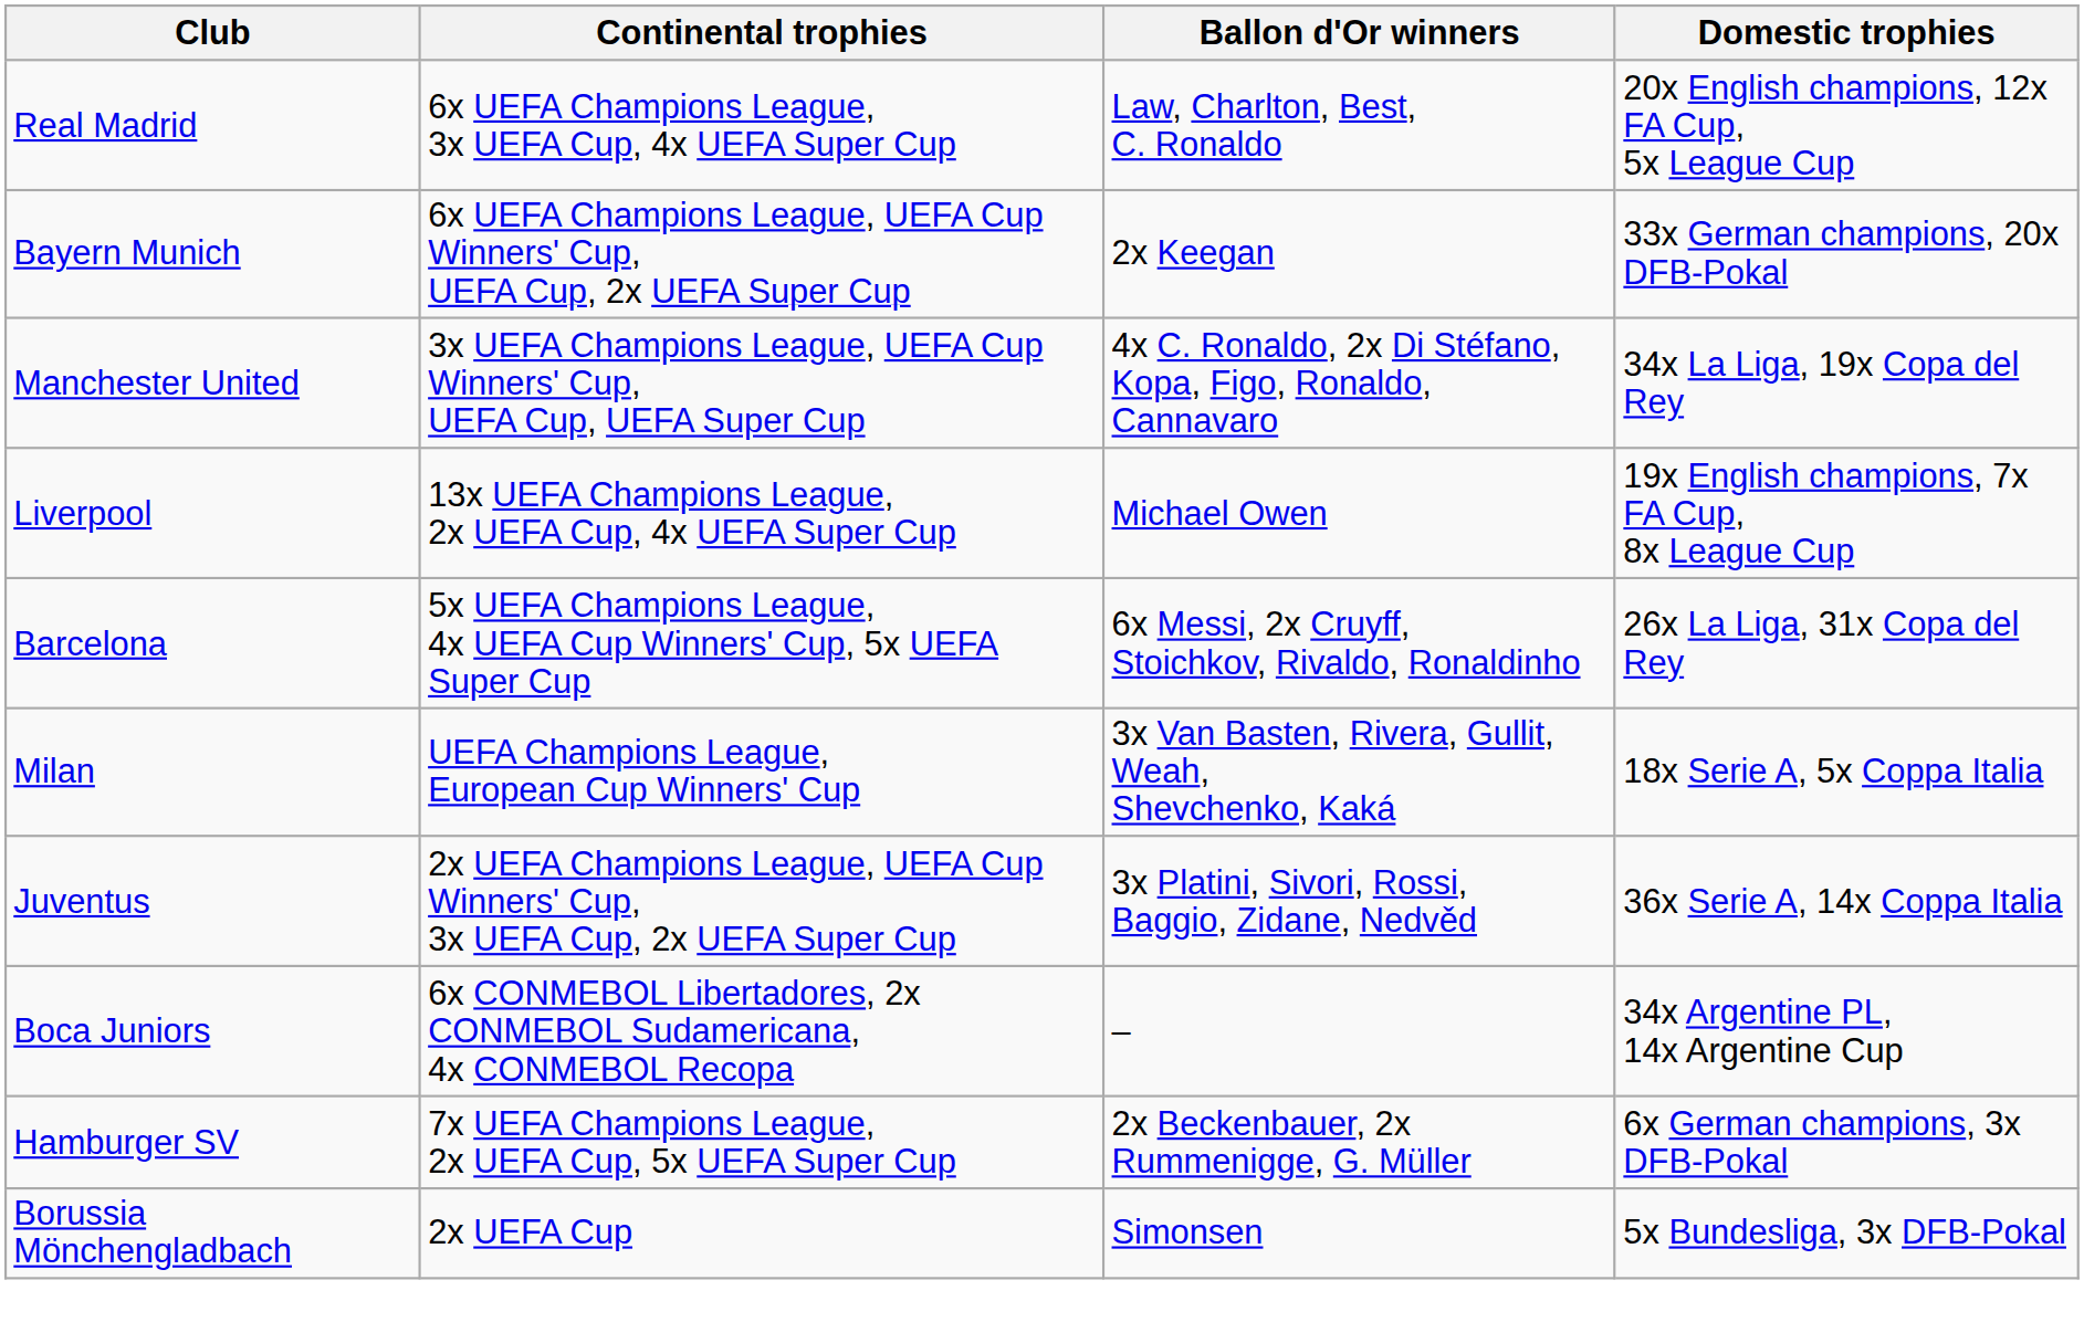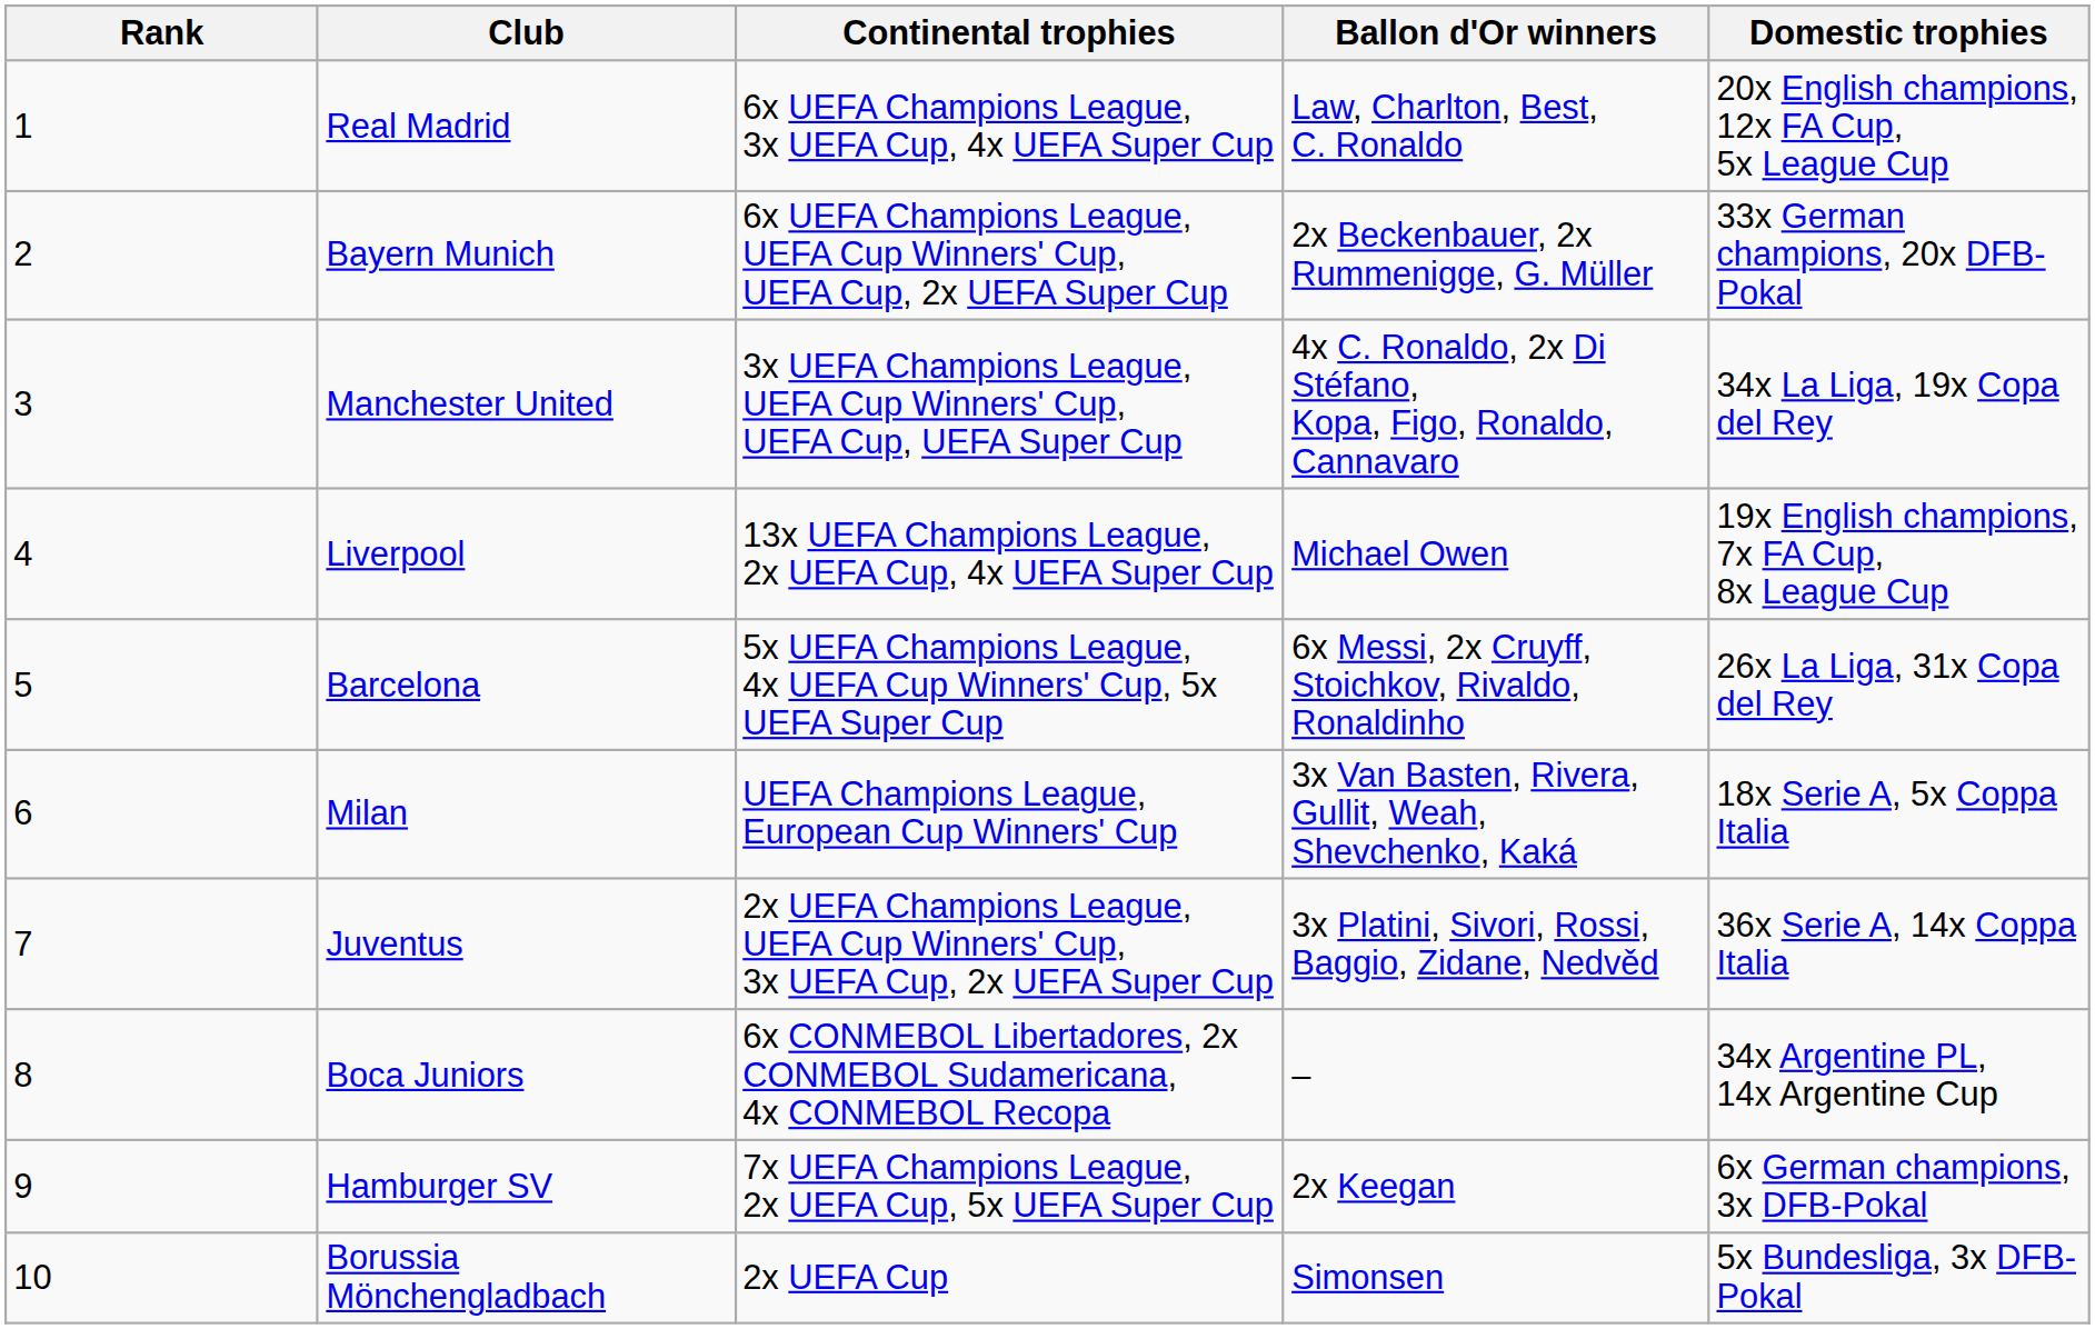 <table class="wikitable sortable" style="font-size:90%; margin:0 .5em .5em 0; margin-top:.5em; margin-bottom:.5em; border:1px solid #CCC; border-collapse:collapse; text-align:left;">
 <tr>
+<th width=15%>Rank</th>
 <th width=20%>Club</th>
 <th>Continental trophies</th>
 <th>Ballon d'Or winners</th>
 <th>Domestic trophies</th>
 </tr>
 <tr>
+<td>1</td>
 <td> <a href='#'>Real Madrid</a></td>
 <td>6x <a href='#'>UEFA Champions League</a>, <br>3x <a href='#'>UEFA Cup</a>, 4x <a href='#'>UEFA Super Cup</a></td>
 <td><a href='#'>Law</a>, <a href='#'>Charlton</a>, <a href='#'>Best</a>, <br><a href='#'>C. Ronaldo</a></td>
 <td>20x <a href='#'>English champions</a>, 12x <a href='#'>FA Cup</a>, <br>5x <a href='#'>League Cup</a></td>
 </tr>
 <tr>
+<td>2</td>
 <td> <a href='#'>Bayern Munich</a></td>
 <td>6x <a href='#'>UEFA Champions League</a>, <a href='#'>UEFA Cup Winners' Cup</a>, <br><a href='#'>UEFA Cup</a>, 2x <a href='#'>UEFA Super Cup</a></td>
-<td>2x <a href='#'>Keegan</a></td>
+<td>2x <a href='#'>Beckenbauer</a>, 2x <a href='#'>Rummenigge</a>, <a href='#'>G. Müller</a></td>
 <td>33x <a href='#'>German champions</a>, 20x <a href='#'>DFB-Pokal</a></td>
 </tr>
 <tr>
+<td>3</td>
 <td> <a href='#'>Manchester United</a></td>
 <td>3x <a href='#'>UEFA Champions League</a>, <a href='#'>UEFA Cup Winners' Cup</a>, <br><a href='#'>UEFA Cup</a>, <a href='#'>UEFA Super Cup</a></td>
 <td>4x <a href='#'>C. Ronaldo</a>, 2x <a href='#'>Di Stéfano</a>, <br><a href='#'>Kopa</a>, <a href='#'>Figo</a>, <a href='#'>Ronaldo</a>, <a href='#'>Cannavaro</a></td>
 <td>34x <a href='#'>La Liga</a>, 19x <a href='#'>Copa del Rey</a></td>
 </tr>
 <tr>
+<td>4</td>
 <td> <a href='#'>Liverpool</a></td>
 <td>13x <a href='#'>UEFA Champions League</a>, <br>2x <a href='#'>UEFA Cup</a>, 4x <a href='#'>UEFA Super Cup</a></td>
 <td><a href='#'>Michael Owen</a></td>
 <td>19x <a href='#'>English champions</a>, 7x <a href='#'>FA Cup</a>, <br>8x <a href='#'>League Cup</a></td>
 </tr>
 <tr>
+<td>5</td>
 <td> <a href='#'>Barcelona</a></td>
 <td>5x <a href='#'>UEFA Champions League</a>, <br>4x <a href='#'>UEFA Cup Winners' Cup</a>, 5x <a href='#'>UEFA Super Cup</a></td>
 <td>6x <a href='#'>Messi</a>, 2x <a href='#'>Cruyff</a>, <br><a href='#'>Stoichkov</a>, <a href='#'>Rivaldo</a>, <a href='#'>Ronaldinho</a></td>
 <td>26x <a href='#'>La Liga</a>, 31x <a href='#'>Copa del Rey</a></td>
 </tr>
 <tr>
+<td>6</td>
 <td> <a href='#'>Milan</a></td>
 <td><a href='#'>UEFA Champions League</a>, <br><a href='#'>European Cup Winners' Cup</a></td>
 <td>3x <a href='#'>Van Basten</a>, <a href='#'>Rivera</a>, <a href='#'>Gullit</a>, <a href='#'>Weah</a>, <br><a href='#'>Shevchenko</a>, <a href='#'>Kaká</a></td>
 <td>18x <a href='#'>Serie A</a>, 5x <a href='#'>Coppa Italia</a></td>
 </tr>
 <tr>
+<td>7</td>
 <td> <a href='#'>Juventus</a></td>
 <td>2x <a href='#'>UEFA Champions League</a>, <a href='#'>UEFA Cup Winners' Cup</a>, <br>3x <a href='#'>UEFA Cup</a>, 2x <a href='#'>UEFA Super Cup</a></td>
 <td>3x <a href='#'>Platini</a>, <a href='#'>Sivori</a>, <a href='#'>Rossi</a>, <br><a href='#'>Baggio</a>, <a href='#'>Zidane</a>, <a href='#'>Nedvěd</a></td>
 <td>36x <a href='#'>Serie A</a>, 14x <a href='#'>Coppa Italia</a></td>
 </tr>
 <tr>
+<td>8</td>
 <td> <a href='#'>Boca Juniors</a></td>
 <td>6x <a href='#'>CONMEBOL Libertadores</a>, 2x <a href='#'>CONMEBOL Sudamericana</a>, <br> 4x <a href='#'>CONMEBOL Recopa</a></td>
 <td>–</td>
 <td>34x <a href='#'>Argentine PL</a>, <br> 14x Argentine Cup</td>
 </tr>
 <tr>
+<td>9</td>
 <td> <a href='#'>Hamburger SV</a></td>
 <td>7x <a href='#'>UEFA Champions League</a>, <br>2x <a href='#'>UEFA Cup</a>, 5x <a href='#'>UEFA Super Cup</a></td>
-<td>2x <a href='#'>Beckenbauer</a>, 2x <a href='#'>Rummenigge</a>, <a href='#'>G. Müller</a></td>
+<td>2x <a href='#'>Keegan</a></td>
 <td>6x <a href='#'>German champions</a>, 3x <a href='#'>DFB-Pokal</a></td>
 </tr>
 <tr>
+<td>10</td>
 <td> <a href='#'>Borussia Mönchengladbach</a></td>
 <td>2x <a href='#'>UEFA Cup</a></td>
 <td><a href='#'>Simonsen</a></td>
 <td>5x <a href='#'>Bundesliga</a>, 3x <a href='#'>DFB-Pokal</a></td>
 </tr>
 </table>
